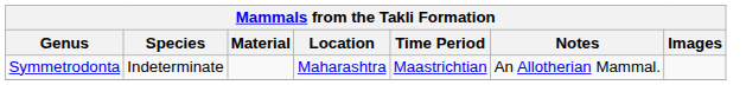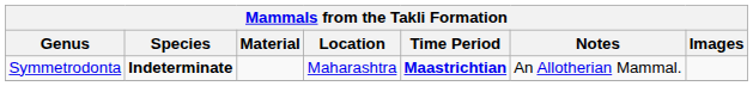 <table class="wikitable" align="center">
 <tr>
 <th colspan="7" align="center"><strong><a href='#'>Mammals</a> from the Takli Formation</strong></th>
 </tr>
 <tr>
 <th>Genus</th>
 <th>Species</th>
 <th>Material</th>
 <th>Location</th>
 <th>Time Period</th>
 <th>Notes</th>
 <th>Images</th>
 </tr>
 <tr>
 <td><a href='#'>Symmetrodonta</a></td>
-<td>Indeterminate</td>
+<td><strong>Indeterminate</strong></td>
 <td></td>
 <td><a href='#'>Maharashtra</a></td>
-<td><a href='#'>Maastrichtian</a></td>
+<td><strong><a href='#'>Maastrichtian</a></strong></td>
 <td>An <a href='#'>Allotherian</a> Mammal.</td>
 <td></td>
 </tr>
 <tr>
 </tr>
 </table>
